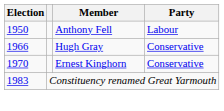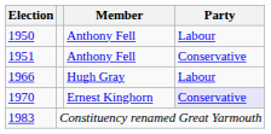 <table class="wikitable">
 <tr>
 <th>Election</th>
 <th></th>
 <th>Member</th>
 <th>Party</th>
 </tr>
 <tr>
 <td><a href='#'>1950</a></td>
 <td style="color:inherit;background-color: "></td>
 <td><a href='#'>Anthony Fell</a></td>
 <td><a href='#'>Labour</a></td>
 </tr>
 <tr>
+<td><a href='#'>1951</a></td>
+<td style="color:inherit;background-color: "></td>
+<td><a href='#'>Anthony Fell</a></td>
+<td><a href='#'>Conservative</a></td>
+</tr>
+<tr>
 <td><a href='#'>1966</a></td>
 <td style="color:inherit;background-color: "></td>
 <td><a href='#'>Hugh Gray</a></td>
-<td><a href='#'>Conservative</a></td>
+<td><a href='#'>Labour</a></td>
 </tr>
 <tr>
 <td><a href='#'>1970</a></td>
 <td style="color:inherit;background-color: "></td>
 <td><a href='#'>Ernest Kinghorn</a></td>
-<td><a href='#'>Conservative</a></td>
+<td style="background: lavender;"><a href='#'>Conservative</a></td>
 </tr>
 <tr>
 <td><a href='#'>1983</a></td>
 <td colspan="3"><em>Constituency renamed Great Yarmouth</em></td>
 </tr>
 </table>
